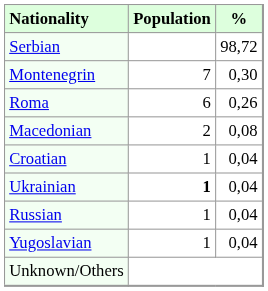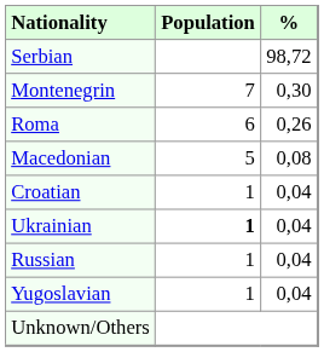 <table border=1 cellpadding=4 cellspacing=0 class="toccolours" style="align: left; margin: 0.5em 0 0 0; border-style: solid; border: 1px solid #999; border-right-width: 2px; border-bottom-width: 2px; border-collapse: collapse; font-size: 100%;">
 <tr>
 <td style="background:#ddffdd;"><strong>Nationality</strong></td>
 <td colspan=1 style="background:#ddffdd;" align="center"><strong>Population</strong></td>
 <td colspan=1 style="background:#ddffdd;" align="center"><strong>%</strong></td>
 </tr>
 <tr>
 <td style="background:#f3fff3;"><a href='#'>Serbian</a></td>
 <td align="right"></td>
 <td align="right">98,72</td>
 </tr>
 <tr>
 <td style="background:#f3fff3;"><a href='#'>Montenegrin</a></td>
 <td align="right">7</td>
 <td align="right">0,30</td>
 </tr>
 <tr>
 <td style="background:#f3fff3;"><a href='#'>Roma</a></td>
 <td align="right">6</td>
 <td align="right">0,26</td>
 </tr>
 <tr>
 <td style="background:#f3fff3;"><a href='#'>Macedonian</a></td>
-<td align="right">2</td>
+<td align="right">5</td>
 <td align="right">0,08</td>
 </tr>
 <tr>
 <td style="background:#f3fff3;"><a href='#'>Croatian</a></td>
 <td align="right">1</td>
 <td align="right">0,04</td>
 </tr>
 <tr>
 <td style="background:#f3fff3;"><a href='#'>Ukrainian</a></td>
 <td align="right"><strong>1</strong></td>
 <td align="right">0,04</td>
 </tr>
 <tr>
 <td style="background:#f3fff3;"><a href='#'>Russian</a></td>
 <td align="right">1</td>
 <td align="right">0,04</td>
 </tr>
 <tr>
 <td style="background:#f3fff3;"><a href='#'>Yugoslavian</a></td>
 <td align="right">1</td>
 <td align="right">0,04</td>
 </tr>
 <tr>
 <td style="background:#f3fff3;">Unknown/Others</td>
 </tr>
 </table>
